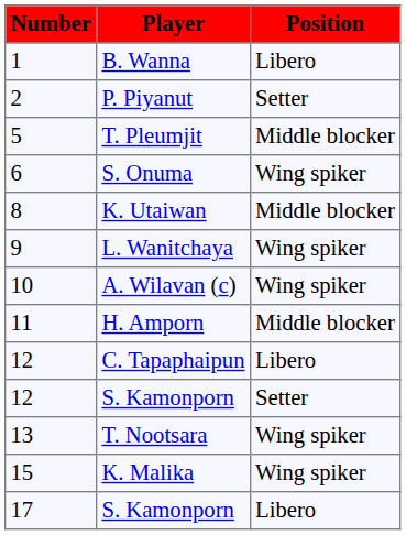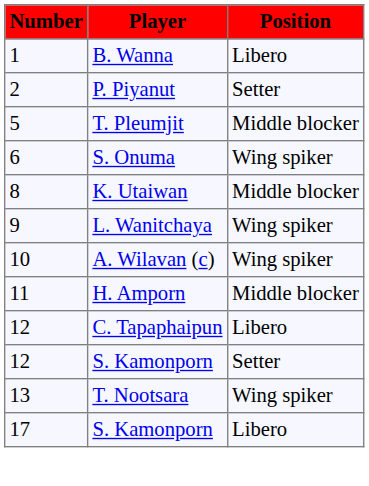 <table bgcolor="#f7f8ff" cellpadding="3" cellspacing="0" border="1" style="font-size: 95%; border: gray solid 1px; border-collapse: collapse;">
 <tr bgcolor="#ff0000">
 <td align=center><strong>Number</strong></td>
 <td align=center><strong>Player</strong></td>
 <td align=center><strong>Position</strong></td>
 </tr>
 <tr align="left">
 <td>1</td>
 <td> <a href='#'>B. Wanna</a></td>
 <td>Libero</td>
 </tr>
 <tr align="left">
 <td>2</td>
 <td> <a href='#'>P. Piyanut</a></td>
 <td>Setter</td>
 </tr>
 <tr align="left">
 <td>5</td>
 <td> <a href='#'>T. Pleumjit</a></td>
 <td>Middle blocker</td>
 </tr>
 <tr align="left">
 <td>6</td>
 <td> <a href='#'>S. Onuma</a></td>
 <td>Wing spiker</td>
 </tr>
 <tr align="left">
 <td>8</td>
 <td> <a href='#'>K. Utaiwan</a></td>
 <td>Middle blocker</td>
 </tr>
 <tr align="left">
 <td>9</td>
 <td> <a href='#'>L. Wanitchaya</a></td>
 <td>Wing spiker</td>
 </tr>
 <tr align="left">
 <td>10</td>
 <td> <a href='#'>A. Wilavan</a> (<a href='#'>c</a>)</td>
 <td>Wing spiker</td>
 </tr>
 <tr align="left">
 <td>11</td>
 <td> <a href='#'>H. Amporn</a></td>
 <td>Middle blocker</td>
 </tr>
 <tr align=left>
 <td>12</td>
 <td> <a href='#'>C. Tapaphaipun</a></td>
 <td>Libero</td>
 </tr>
 <tr align="left">
 <td>12</td>
 <td> <a href='#'>S. Kamonporn</a></td>
 <td>Setter</td>
 </tr>
 <tr align="left">
 <td>13</td>
 <td> <a href='#'>T. Nootsara</a></td>
 <td>Wing spiker</td>
 </tr>
 <tr align="left">
-<td>15</td>
-<td> <a href='#'>K. Malika</a></td>
-<td>Wing spiker</td>
-</tr>
-<tr align="left">
 <td>17</td>
 <td> <a href='#'>S. Kamonporn</a></td>
 <td>Libero</td>
 </tr>
 </table>
